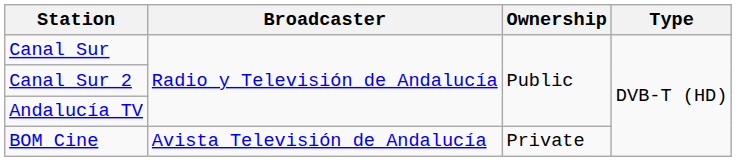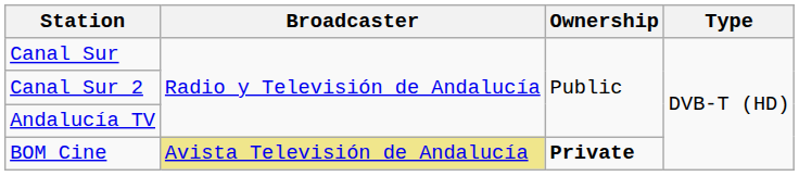 <table class="wikitable">
 <tr>
 <th>Station</th>
 <th>Broadcaster</th>
 <th>Ownership</th>
 <th>Type</th>
 </tr>
 <tr>
 <td><a href='#'>Canal Sur</a></td>
 <td rowspan="3"><a href='#'>Radio y Televisión de Andalucía</a></td>
 <td rowspan="3">Public</td>
 <td rowspan="4">DVB-T (HD)</td>
 </tr>
 <tr>
 <td><a href='#'>Canal Sur 2</a></td>
 </tr>
 <tr>
 <td><a href='#'>Andalucía TV</a></td>
 </tr>
 <tr>
 <td><a href='#'>BOM Cine</a></td>
-<td><a href='#'>Avista Televisión de Andalucía</a></td>
-<td>Private</td>
+<td style="background: khaki;"><a href='#'>Avista Televisión de Andalucía</a></td>
+<td><strong>Private</strong></td>
 </tr>
 </table>
